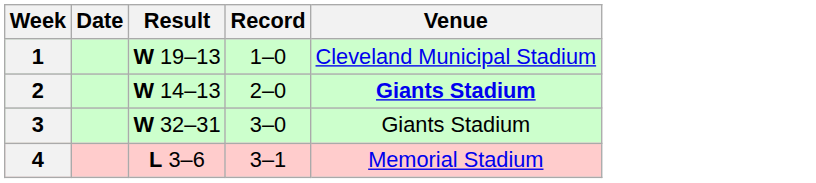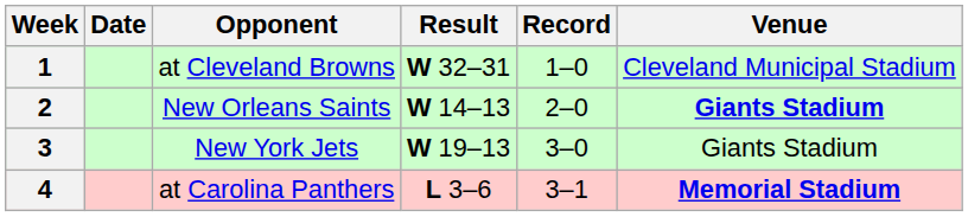 <table class="wikitable" style="text-align:center">
 <tr>
 <th>Week</th>
 <th>Date</th>
+<th>Opponent</th>
 <th>Result</th>
 <th>Record</th>
 <th>Venue</th>
 </tr>
 <tr style="background:#cfc">
 <th>1</th>
 <td></td>
-<td><strong>W</strong> 19–13</td>
+<td>at <a href='#'>Cleveland Browns</a></td>
+<td><strong>W</strong> 32–31</td>
 <td>1–0</td>
 <td><a href='#'>Cleveland Municipal Stadium</a></td>
 </tr>
 <tr style="background:#cfc">
 <th>2</th>
 <td></td>
+<td><a href='#'>New Orleans Saints</a></td>
 <td><strong>W</strong> 14–13</td>
 <td>2–0</td>
 <td><strong><a href='#'>Giants Stadium</a></strong></td>
 </tr>
 <tr style="background:#cfc">
 <th>3</th>
 <td></td>
-<td><strong>W</strong> 32–31</td>
+<td><a href='#'>New York Jets</a></td>
+<td><strong>W</strong> 19–13</td>
 <td>3–0</td>
 <td>Giants Stadium</td>
 </tr>
 <tr style="background:#fcc">
 <th>4</th>
 <td></td>
+<td>at <a href='#'>Carolina Panthers</a></td>
 <td><strong>L</strong> 3–6</td>
 <td>3–1</td>
-<td><a href='#'>Memorial Stadium</a></td>
+<td><strong><a href='#'>Memorial Stadium</a></strong></td>
 </tr>
 </table>
